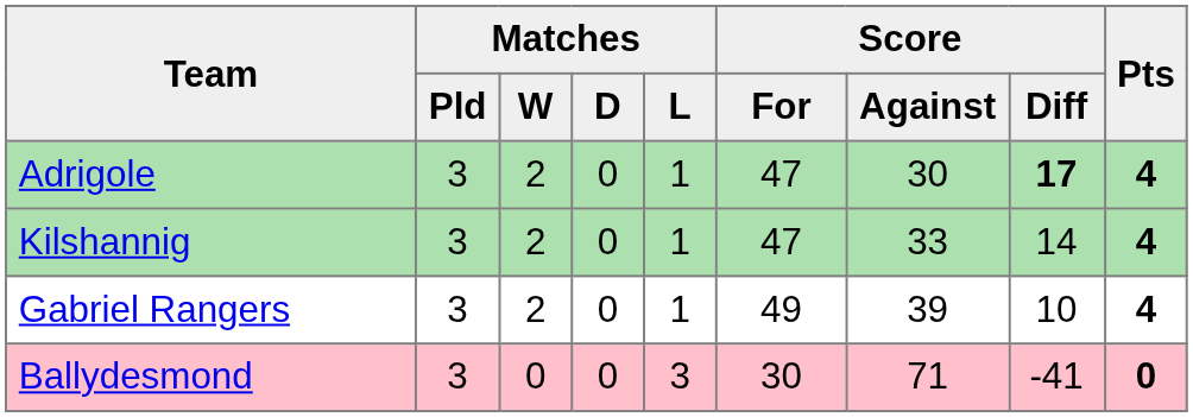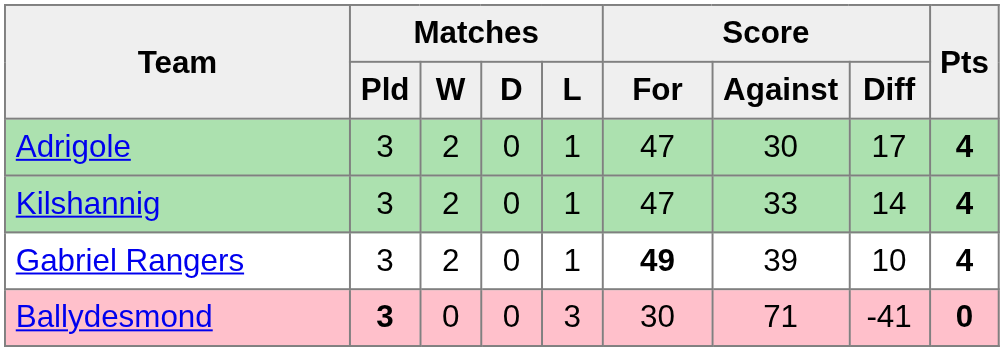 <table style=border-collapse:collapse border=1 cellspacing=0 cellpadding=5>
 <tr align=center bgcolor=#efefef>
 <th rowspan=2 width=165>Team</th>
 <th colspan=4>Matches</th>
 <th colspan=3>Score</th>
 <th rowspan=2width=20>Pts</th>
 </tr>
 <tr align=center bgcolor=#efefef>
 <th width=20>Pld</th>
 <th width=20>W</th>
 <th width=20>D</th>
 <th width=20>L</th>
 <th width=45>For</th>
 <th width=45>Against</th>
 <th width=30>Diff</th>
 </tr>
 <tr align=center style="background:#ACE1AF;">
 <td style="text-align:left;"><a href='#'>Adrigole</a></td>
 <td>3</td>
 <td>2</td>
 <td>0</td>
 <td>1</td>
 <td>47</td>
 <td>30</td>
-<td><strong>17</strong></td>
+<td>17</td>
 <td><strong>4</strong></td>
 </tr>
 <tr align=center style="background:#ACE1AF;">
 <td style="text-align:left;"><a href='#'>Kilshannig</a></td>
 <td>3</td>
 <td>2</td>
 <td>0</td>
 <td>1</td>
 <td>47</td>
 <td>33</td>
 <td>14</td>
 <td><strong>4</strong></td>
 </tr>
 <tr align=center>
 <td style="text-align:left;"><a href='#'>Gabriel Rangers</a></td>
 <td>3</td>
 <td>2</td>
 <td>0</td>
 <td>1</td>
-<td>49</td>
+<td><strong>49</strong></td>
 <td>39</td>
 <td>10</td>
 <td><strong>4</strong></td>
 </tr>
 <tr align=center style="background:#FFC0CB;">
 <td style="text-align:left;"><a href='#'>Ballydesmond</a></td>
-<td>3</td>
+<td><strong>3</strong></td>
 <td>0</td>
 <td>0</td>
 <td>3</td>
 <td>30</td>
 <td>71</td>
 <td>-41</td>
 <td><strong>0</strong></td>
 </tr>
 </table>
